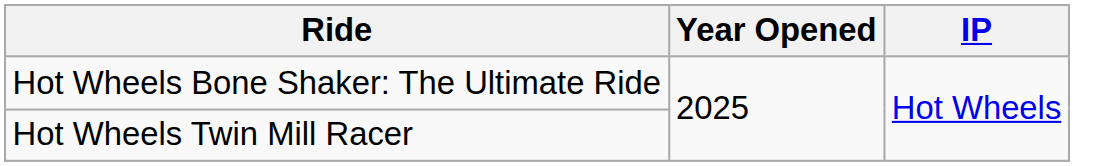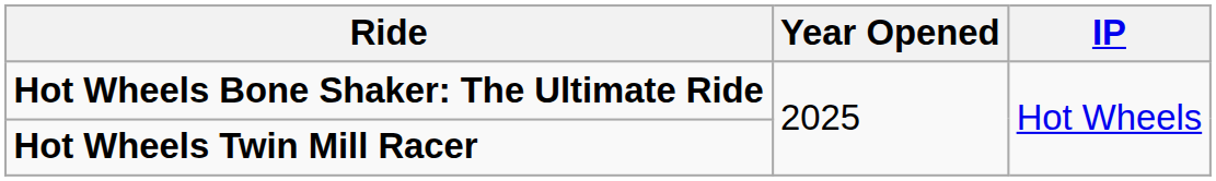 <table class=wikitable>
 <tr>
 <th>Ride</th>
 <th>Year Opened</th>
 <th><a href='#'>IP</a></th>
 </tr>
 <tr>
-<td>Hot Wheels Bone Shaker: The Ultimate Ride</td>
+<td><strong>Hot Wheels Bone Shaker: The Ultimate Ride</strong></td>
 <td rowspan="2">2025</td>
 <td rowspan="2"><a href='#'>Hot Wheels</a></td>
 </tr>
 <tr>
-<td>Hot Wheels Twin Mill Racer</td>
+<td><strong>Hot Wheels Twin Mill Racer</strong></td>
 </tr>
 </table>
